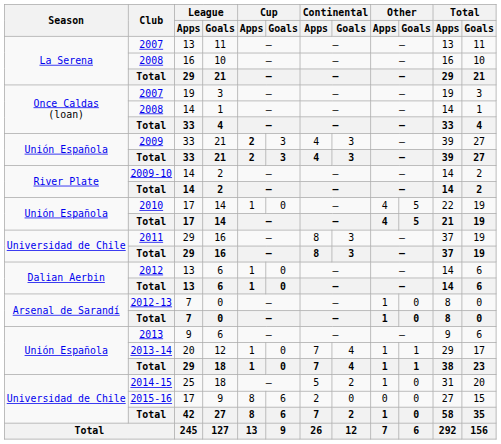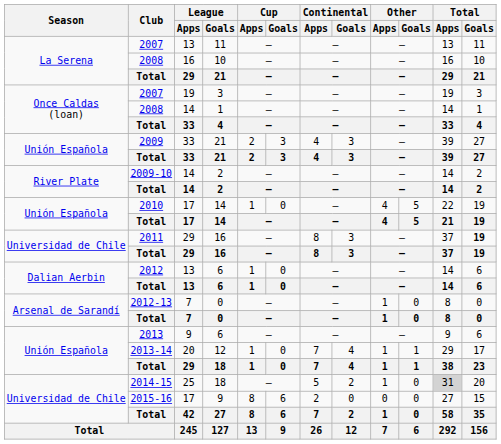 <table class="wikitable" style="text-align: center;">
 <tr>
 <th rowspan="2">Season</th>
 <th rowspan="2">Club</th>
 <th colspan="2">League</th>
 <th colspan="2">Cup</th>
 <th colspan="2">Continental</th>
 <th colspan="2">Other</th>
 <th colspan="2">Total</th>
 </tr>
 <tr>
 <th>Apps</th>
 <th>Goals</th>
 <th>Apps</th>
 <th>Goals</th>
 <th>Apps</th>
 <th>Goals</th>
 <th>Apps</th>
 <th>Goals</th>
 <th>Apps</th>
 <th>Goals</th>
 </tr>
 <tr>
 <td rowspan="3"><a href='#'>La Serena</a></td>
 <td><a href='#'>2007</a></td>
 <td>13</td>
 <td>11</td>
 <td colspan="2">—</td>
 <td colspan="2">—</td>
 <td colspan="2">—</td>
 <td>13</td>
 <td>11</td>
 </tr>
 <tr>
 <td><a href='#'>2008</a></td>
 <td>16</td>
 <td>10</td>
 <td colspan="2">—</td>
 <td colspan="2">—</td>
 <td colspan="2">—</td>
 <td>16</td>
 <td>10</td>
 </tr>
 <tr>
 <th>Total</th>
 <th>29</th>
 <th>21</th>
 <th colspan="2">—</th>
 <th colspan="2">—</th>
 <th colspan="2">—</th>
 <th>29</th>
 <th>21</th>
 </tr>
 <tr>
 <td rowspan="3"><a href='#'>Once Caldas</a><br>(loan)</td>
 <td><a href='#'>2007</a></td>
 <td>19</td>
 <td>3</td>
 <td colspan="2">—</td>
 <td colspan="2">—</td>
 <td colspan="2">—</td>
 <td>19</td>
 <td>3</td>
 </tr>
 <tr>
 <td><a href='#'>2008</a></td>
 <td>14</td>
 <td>1</td>
 <td colspan="2">—</td>
 <td colspan="2">—</td>
 <td colspan="2">—</td>
 <td>14</td>
 <td>1</td>
 </tr>
 <tr>
 <th>Total</th>
 <th>33</th>
 <th>4</th>
 <th colspan="2">—</th>
 <th colspan="2">—</th>
 <th colspan="2">—</th>
 <th>33</th>
 <th>4</th>
 </tr>
 <tr>
 <td rowspan="2"><a href='#'>Unión Española</a></td>
 <td><a href='#'>2009</a></td>
 <td>33</td>
 <td>21</td>
-<td><strong>2</strong></td>
+<td>2</td>
 <td>3</td>
 <td>4</td>
 <td>3</td>
 <td colspan="2">—</td>
 <td>39</td>
 <td>27</td>
 </tr>
 <tr>
 <th>Total</th>
 <th>33</th>
 <th>21</th>
 <th>2</th>
 <th>3</th>
 <th>4</th>
 <th>3</th>
 <th colspan="2">—</th>
 <th>39</th>
 <th>27</th>
 </tr>
 <tr>
 <td rowspan="2"><a href='#'>River Plate</a></td>
 <td><a href='#'>2009-10</a></td>
 <td>14</td>
 <td>2</td>
 <td colspan="2">—</td>
 <td colspan="2">—</td>
 <td colspan="2">—</td>
 <td>14</td>
 <td>2</td>
 </tr>
 <tr>
 <th>Total</th>
 <th>14</th>
 <th>2</th>
 <th colspan="2">—</th>
 <th colspan="2">—</th>
 <th colspan="2">—</th>
 <th>14</th>
 <th>2</th>
 </tr>
 <tr>
 <td rowspan="2"><a href='#'>Unión Española</a></td>
 <td><a href='#'>2010</a></td>
 <td>17</td>
 <td>14</td>
 <td>1</td>
 <td>0</td>
 <td colspan="2">—</td>
 <td>4</td>
 <td>5</td>
 <td>22</td>
 <td>19</td>
 </tr>
 <tr>
 <th>Total</th>
 <th>17</th>
 <th>14</th>
 <th colspan="2">—</th>
 <th colspan="2">—</th>
 <th>4</th>
 <th>5</th>
 <th>21</th>
 <th>19</th>
 </tr>
 <tr>
 <td rowspan="2"><a href='#'>Universidad de Chile</a></td>
 <td><a href='#'>2011</a></td>
 <td>29</td>
 <td>16</td>
 <td colspan="2">—</td>
 <td>8</td>
 <td>3</td>
 <td colspan="2">—</td>
 <td>37</td>
-<td>19</td>
+<td><strong>19</strong></td>
 </tr>
 <tr>
 <th>Total</th>
 <th>29</th>
 <th>16</th>
 <th colspan="2">—</th>
 <th>8</th>
 <th>3</th>
 <th colspan="2">—</th>
 <th>37</th>
 <th>19</th>
 </tr>
 <tr>
 <td rowspan="2"><a href='#'>Dalian Aerbin</a></td>
 <td><a href='#'>2012</a></td>
 <td>13</td>
 <td>6</td>
 <td>1</td>
 <td>0</td>
 <td colspan="2">—</td>
 <td colspan="2">—</td>
 <td>14</td>
 <td>6</td>
 </tr>
 <tr>
 <th>Total</th>
 <th>13</th>
 <th>6</th>
 <th>1</th>
 <th>0</th>
 <th colspan="2">—</th>
 <th colspan="2">—</th>
 <th>14</th>
 <th>6</th>
 </tr>
 <tr>
 <td rowspan="2"><a href='#'>Arsenal de Sarandí</a></td>
 <td><a href='#'>2012-13</a></td>
 <td>7</td>
 <td>0</td>
 <td colspan="2">—</td>
 <td colspan="2">—</td>
 <td>1</td>
 <td>0</td>
 <td>8</td>
 <td>0</td>
 </tr>
 <tr>
 <th>Total</th>
 <th>7</th>
 <th>0</th>
 <th colspan="2">—</th>
 <th colspan="2">—</th>
 <th>1</th>
 <th>0</th>
 <th>8</th>
 <th>0</th>
 </tr>
 <tr>
 <td rowspan="3"><a href='#'>Unión Española</a></td>
 <td><a href='#'>2013</a></td>
 <td>9</td>
 <td>6</td>
 <td colspan="2">—</td>
 <td colspan="2">—</td>
 <td colspan="2">—</td>
 <td>9</td>
 <td>6</td>
 </tr>
 <tr>
 <td><a href='#'>2013-14</a></td>
 <td>20</td>
 <td>12</td>
 <td>1</td>
 <td>0</td>
 <td>7</td>
 <td>4</td>
 <td>1</td>
 <td>1</td>
 <td>29</td>
 <td>17</td>
 </tr>
 <tr>
 <th>Total</th>
 <th>29</th>
 <th>18</th>
 <th>1</th>
 <th>0</th>
 <th>7</th>
 <th>4</th>
 <th>1</th>
 <th>1</th>
 <th>38</th>
 <th>23</th>
 </tr>
 <tr>
 <td rowspan="3"><a href='#'>Universidad de Chile</a></td>
 <td><a href='#'>2014-15</a></td>
 <td>25</td>
 <td>18</td>
 <td colspan="2">—</td>
 <td>5</td>
 <td>2</td>
 <td>1</td>
 <td>0</td>
-<td>31</td>
+<td style="background: lightgrey;">31</td>
 <td>20</td>
 </tr>
 <tr>
 <td><a href='#'>2015-16</a></td>
 <td>17</td>
 <td>9</td>
 <td>8</td>
 <td>6</td>
 <td>2</td>
 <td>0</td>
 <td>0</td>
 <td>0</td>
 <td>27</td>
 <td>15</td>
 </tr>
 <tr>
 <th>Total</th>
 <th>42</th>
 <th>27</th>
 <th>8</th>
 <th>6</th>
 <th>7</th>
 <th>2</th>
 <th>1</th>
 <th>0</th>
 <th>58</th>
 <th>35</th>
 </tr>
 <tr>
 <th colspan="2">Total</th>
 <th>245</th>
 <th>127</th>
 <th>13</th>
 <th>9</th>
 <th>26</th>
 <th>12</th>
 <th>7</th>
 <th>6</th>
 <th>292</th>
 <th>156</th>
 </tr>
 </table>
